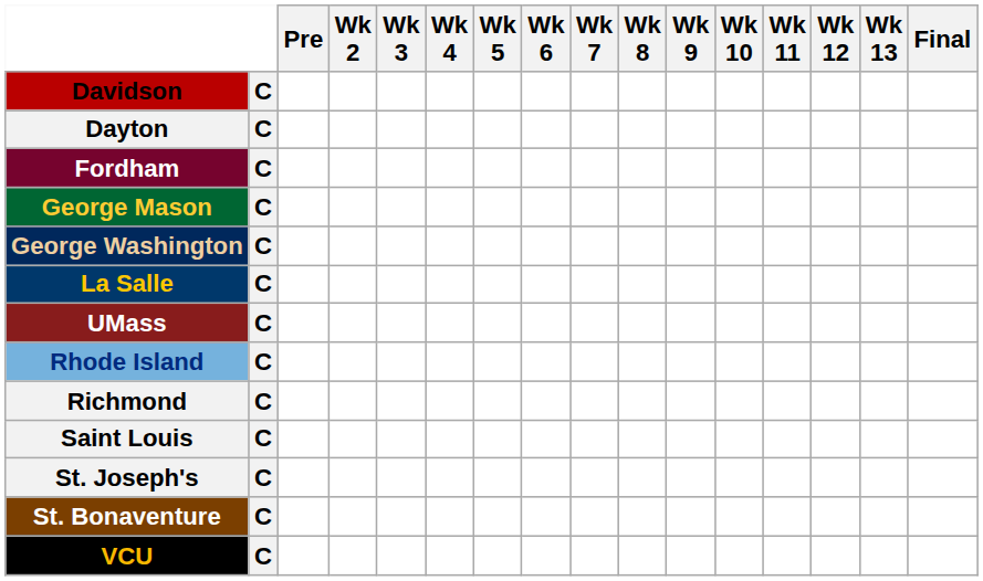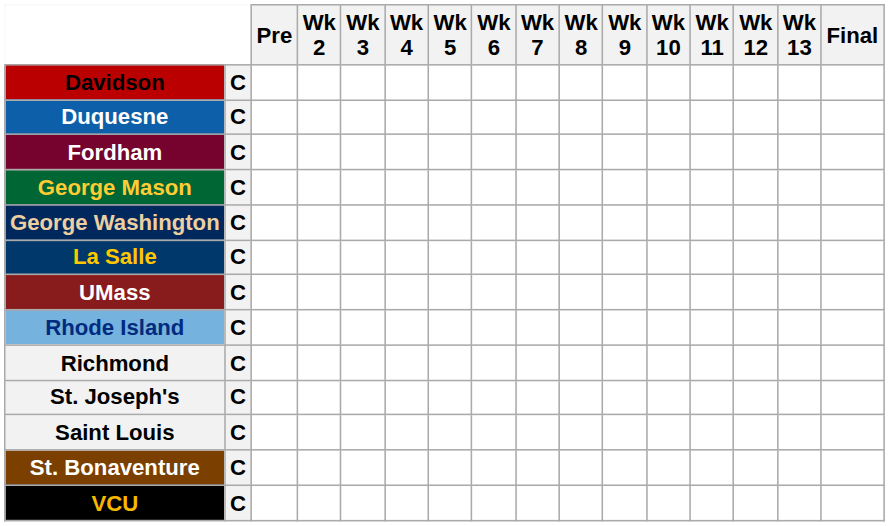 <table class="wikitable" style="white-space:nowrap;font-size:90%;">
 <tr>
 <th colspan=2 style="background:white; border-top-style:hidden; border-left-style:hidden;"> </th>
 <th>Pre</th>
 <th>Wk<br>2</th>
 <th>Wk<br>3</th>
 <th>Wk<br>4</th>
 <th>Wk<br>5</th>
 <th>Wk<br>6</th>
 <th>Wk<br>7</th>
 <th>Wk<br>8</th>
 <th>Wk<br>9</th>
 <th>Wk<br>10</th>
 <th>Wk<br>11</th>
 <th>Wk<br>12</th>
 <th>Wk<br>13</th>
 <th>Final</th>
 </tr>
 <tr style="text-align:center;">
 <th style="background:#BA0000; color:#000000;">Davidson</th>
 <th>C</th>
 <td style="background:#FFF;"></td>
 <td style="background:#FFF;"></td>
 <td style="background:#FFF;"></td>
 <td style="background:#FFF;"></td>
 <td style="background:#FFF;"></td>
 <td style="background:#FFF;"></td>
 <td style="background:#FFF;"></td>
 <td style="background:#FFF;"></td>
 <td style="background:#FFF;"></td>
 <td style="background:#FFF;"></td>
 <td style="background:#FFF;"></td>
 <td style="background:#FFF;"></td>
 <td style="background:#FFF;"></td>
 <td style="background:#FFF;"></td>
 </tr>
 <tr style="text-align:center;">
-<th style="background:#">Dayton</th>
+<th style="background:#0C5FA8; color:white;">Duquesne</th>
 <th>C</th>
 <td style="background:#FFF;"></td>
 <td style="background:#FFF;"></td>
 <td style="background:#FFF;"></td>
 <td style="background:#FFF;"></td>
 <td style="background:#FFF;"></td>
 <td style="background:#FFF;"></td>
 <td style="background:#FFF;"></td>
 <td style="background:#FFF;"></td>
 <td style="background:#FFF;"></td>
 <td style="background:#FFF;"></td>
 <td style="background:#FFF;"></td>
 <td style="background:#FFF;"></td>
 <td style="background:#FFF;"></td>
 <td style="background:#FFF;"></td>
 </tr>
 <tr style="text-align:center;">
 <th style="background:#76032E; color:#FFFFFF;">Fordham</th>
 <th>C</th>
 <td style="background:#FFF;"></td>
 <td style="background:#FFF;"></td>
 <td style="background:#FFF;"></td>
 <td style="background:#FFF;"></td>
 <td style="background:#FFF;"></td>
 <td style="background:#FFF;"></td>
 <td style="background:#FFF;"></td>
 <td style="background:#FFF;"></td>
 <td style="background:#FFF;"></td>
 <td style="background:#FFF;"></td>
 <td style="background:#FFF;"></td>
 <td style="background:#FFF;"></td>
 <td style="background:#FFF;"></td>
 <td style="background:#FFF;"></td>
 </tr>
 <tr style="text-align:center;">
 <th style="background:#006633; color:#FFCC33;">George Mason</th>
 <th>C</th>
 <td style="background:#FFF;"></td>
 <td style="background:#FFF;"></td>
 <td style="background:#FFF;"></td>
 <td style="background:#FFF;"></td>
 <td style="background:#FFF;"></td>
 <td style="background:#FFF;"></td>
 <td style="background:#FFF;"></td>
 <td style="background:#FFF;"></td>
 <td style="background:#FFF;"></td>
 <td style="background:#FFF;"></td>
 <td style="background:#FFF;"></td>
 <td style="background:#FFF;"></td>
 <td style="background:#FFF;"></td>
 <td style="background:#FFF;"></td>
 </tr>
 <tr style="text-align:center;">
 <th style="background:#00285C; color:#EECFA1;">George Washington</th>
 <th>C</th>
 <td style="background:#FFF;"></td>
 <td style="background:#FFF;"></td>
 <td style="background:#FFF;"></td>
 <td style="background:#FFF;"></td>
 <td style="background:#FFF;"></td>
 <td style="background:#FFF;"></td>
 <td style="background:#FFF;"></td>
 <td style="background:#FFF;"></td>
 <td style="background:#FFF;"></td>
 <td style="background:#FFF;"></td>
 <td style="background:#FFF;"></td>
 <td style="background:#FFF;"></td>
 <td style="background:#FFF;"></td>
 <td style="background:#FFF;"></td>
 </tr>
 <tr style="text-align:center;">
 <th style="background:#00386B; color:#FFC700;">La Salle</th>
 <th>C</th>
 <td style="background:#FFF;"></td>
 <td style="background:#FFF;"></td>
 <td style="background:#FFF;"></td>
 <td style="background:#FFF;"></td>
 <td style="background:#FFF;"></td>
 <td style="background:#FFF;"></td>
 <td style="background:#FFF;"></td>
 <td style="background:#FFF;"></td>
 <td style="background:#FFF;"></td>
 <td style="background:#FFF;"></td>
 <td style="background:#FFF;"></td>
 <td style="background:#FFF;"></td>
 <td style="background:#FFF;"></td>
 <td style="background:#FFF;"></td>
 </tr>
 <tr style="text-align:center;">
 <th style="background:#881C1C; color:white;">UMass</th>
 <th>C</th>
 <td style="background:#FFF;"></td>
 <td style="background:#FFF;"></td>
 <td style="background:#FFF;"></td>
 <td style="background:#FFF;"></td>
 <td style="background:#FFF;"></td>
 <td style="background:#FFF;"></td>
 <td style="background:#FFF;"></td>
 <td style="background:#FFF;"></td>
 <td style="background:#FFF;"></td>
 <td style="background:#FFF;"></td>
 <td style="background:#FFF;"></td>
 <td style="background:#FFF;"></td>
 <td style="background:#FFF;"></td>
 <td style="background:#FFF;"></td>
 </tr>
 <tr style="text-align:center;">
 <th style="background:#75B2DD; color:#002b7f;">Rhode Island</th>
 <th>C</th>
 <td style="background:#FFF;"></td>
 <td style="background:#FFF;"></td>
 <td style="background:#FFF;"></td>
 <td style="background:#FFF;"></td>
 <td style="background:#FFF;"></td>
 <td style="background:#FFF;"></td>
 <td style="background:#FFF;"></td>
 <td style="background:#FFF;"></td>
 <td style="background:#FFF;"></td>
 <td style="background:#FFF;"></td>
 <td style="background:#FFF;"></td>
 <td style="background:#FFF;"></td>
 <td style="background:#FFF;"></td>
 <td style="background:#FFF;"></td>
 </tr>
 <tr style="text-align:center;">
 <th style="background:#">Richmond</th>
 <th>C</th>
 <td style="background:#FFF;"></td>
 <td style="background:#FFF;"></td>
 <td style="background:#FFF;"></td>
 <td style="background:#FFF;"></td>
 <td style="background:#FFF;"></td>
 <td style="background:#FFF;"></td>
 <td style="background:#FFF;"></td>
 <td style="background:#FFF;"></td>
 <td style="background:#FFF;"></td>
 <td style="background:#FFF;"></td>
 <td style="background:#FFF;"></td>
 <td style="background:#FFF;"></td>
 <td style="background:#FFF;"></td>
 <td style="background:#FFF;"></td>
 </tr>
 <tr style="text-align:center;">
-<th style="background:#">Saint Louis</th>
+<th style="background:#">St. Joseph's</th>
 <th>C</th>
 <td style="background:#FFF;"></td>
 <td style="background:#FFF;"></td>
 <td style="background:#FFF;"></td>
 <td style="background:#FFF;"></td>
 <td style="background:#FFF;"></td>
 <td style="background:#FFF;"></td>
 <td style="background:#FFF;"></td>
 <td style="background:#FFF;"></td>
 <td style="background:#FFF;"></td>
 <td style="background:#FFF;"></td>
 <td style="background:#FFF;"></td>
 <td style="background:#FFF;"></td>
 <td style="background:#FFF;"></td>
 <td style="background:#FFF;"></td>
 </tr>
 <tr style="text-align:center;">
-<th style="background:#">St. Joseph's</th>
+<th style="background:#">Saint Louis</th>
 <th>C</th>
 <td style="background:#FFF;"></td>
 <td style="background:#FFF;"></td>
 <td style="background:#FFF;"></td>
 <td style="background:#FFF;"></td>
 <td style="background:#FFF;"></td>
 <td style="background:#FFF;"></td>
 <td style="background:#FFF;"></td>
 <td style="background:#FFF;"></td>
 <td style="background:#FFF;"></td>
 <td style="background:#FFF;"></td>
 <td style="background:#FFF;"></td>
 <td style="background:#FFF;"></td>
 <td style="background:#FFF;"></td>
 <td style="background:#FFF;"></td>
 </tr>
 <tr style="text-align:center;">
 <th style="background:#7B3F00; color:#FFFFFF;">St. Bonaventure</th>
 <th>C</th>
 <td style="background:#FFF;"></td>
 <td style="background:#FFF;"></td>
 <td style="background:#FFF;"></td>
 <td style="background:#FFF;"></td>
 <td style="background:#FFF;"></td>
 <td style="background:#FFF;"></td>
 <td style="background:#FFF;"></td>
 <td style="background:#FFF;"></td>
 <td style="background:#FFF;"></td>
 <td style="background:#FFF;"></td>
 <td style="background:#FFF;"></td>
 <td style="background:#FFF;"></td>
 <td style="background:#FFF;"></td>
 <td style="background:#FFF;"></td>
 </tr>
 <tr style="text-align:center;">
 <th style="background:#000000; color:#F8B800;">VCU</th>
 <th>C</th>
 <td style="background:#FFF;"></td>
 <td style="background:#FFF;"></td>
 <td style="background:#FFF;"></td>
 <td style="background:#FFF;"></td>
 <td style="background:#FFF;"></td>
 <td style="background:#FFF;"></td>
 <td style="background:#FFF;"></td>
 <td style="background:#FFF;"></td>
 <td style="background:#FFF;"></td>
 <td style="background:#FFF;"></td>
 <td style="background:#FFF;"></td>
 <td style="background:#FFF;"></td>
 <td style="background:#FFF;"></td>
 <td style="background:#FFF;"></td>
 </tr>
 </table>
